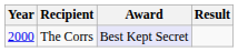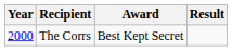 <table class="wikitable">
 <tr>
 <th>Year</th>
 <th>Recipient</th>
 <th>Award</th>
 <th>Result</th>
 </tr>
 <tr>
 <td rowspan="2"><a href='#'>2000</a></td>
 <td>The Corrs</td>
-<td style="background: lavender;">Best Kept Secret</td>
+<td>Best Kept Secret</td>
 <td></td>
 </tr>
 </table>
